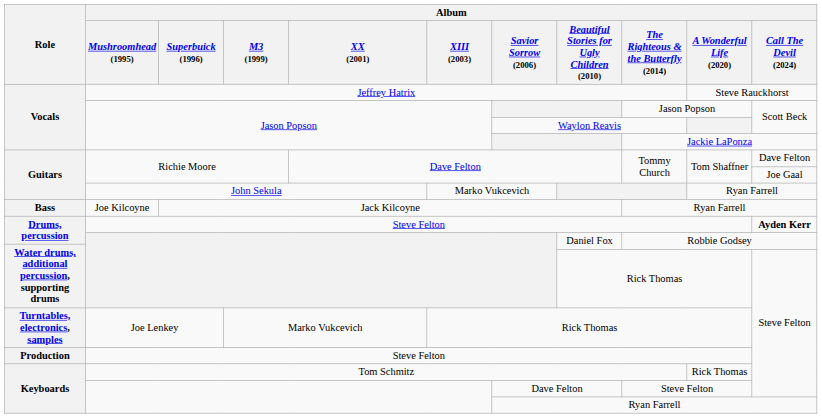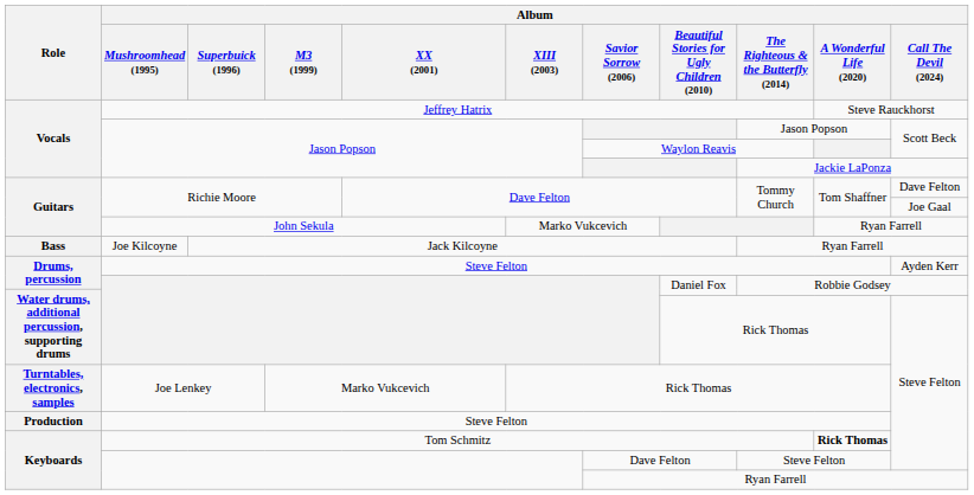 <table class="wikitable" style="text-align:center; width:99%;">
 <tr>
 <th rowspan="2" style="width:10%;">Role</th>
 <th colspan="10" style="text-align:center;">Album</th>
 </tr>
 <tr>
 <th style="text-align:center; width:8%;"><em><a href='#'>Mushroomhead</a></em><br><small>(1995)</small></th>
 <th style="text-align:center; width:8%;"><em><a href='#'>Superbuick</a></em><br><small>(1996)</small></th>
 <th style="text-align:center; width:8%;"><em><a href='#'>M3</a></em><br><small>(1999)</small></th>
 <th><em><a href='#'>XX</a></em><br><small>(2001)</small></th>
 <th style="text-align:center; width:8%;"><em><a href='#'>XIII</a></em><br><small>(2003)</small></th>
 <th style="text-align:center; width:8%;"><em><a href='#'>Savior Sorrow</a></em><br><small>(2006)</small></th>
 <th style="text-align:center; width:8%;"><em><a href='#'>Beautiful Stories for Ugly Children</a></em><br><small>(2010)</small></th>
 <th style="text-align:center; width:8%;"><em><a href='#'>The Righteous & the Butterfly</a></em><br><small>(2014)</small></th>
 <th style="text-align:center; width:8%;"><em><a href='#'>A Wonderful Life</a></em><br><small>(2020)</small></th>
 <th style="text-align:center; width:8%;"><em><a href='#'>Call The Devil</a></em><br><small>(2024)</small></th>
 </tr>
 <tr>
 <th rowspan="4">Vocals</th>
 <td colspan="8"><a href='#'>Jeffrey Hatrix</a></td>
 <td colspan="2">Steve Rauckhorst</td>
 </tr>
 <tr>
 <td colspan="5" rowspan="3"><a href='#'>Jason Popson</a></td>
 <th colspan="2"></th>
 <td colspan="2">Jason Popson</td>
 <td rowspan="2">Scott Beck</td>
 </tr>
 <tr>
 <td colspan="3"><a href='#'>Waylon Reavis</a></td>
 <th></th>
 </tr>
 <tr>
 <th colspan="2"></th>
 <td colspan="3"><a href='#'>Jackie LaPonza</a></td>
 </tr>
 <tr>
 <th rowspan="3">Guitars</th>
 <td colspan="3" rowspan="2">Richie Moore</td>
 <td colspan="4" rowspan="2"><a href='#'>Dave Felton</a></td>
 <td rowspan="2">Tommy Church</td>
 <td rowspan="2">Tom Shaffner</td>
 <td>Dave Felton</td>
 </tr>
 <tr>
 <td>Joe Gaal</td>
 </tr>
 <tr>
 <td colspan="4"><a href='#'>John Sekula</a></td>
 <td colspan="2">Marko Vukcevich</td>
 <th colspan="2"></th>
 <td colspan="2">Ryan Farrell</td>
 </tr>
 <tr>
 <th>Bass</th>
 <td>Joe Kilcoyne</td>
 <td colspan="6">Jack Kilcoyne</td>
 <td colspan="3">Ryan Farrell</td>
 </tr>
 <tr>
 <th rowspan="2"><a href='#'>Drums, percussion</a></th>
 <td colspan="9"><a href='#'>Steve Felton</a></td>
-<td><strong>Ayden Kerr</strong></td>
+<td>Ayden Kerr</td>
 </tr>
 <tr>
 <th colspan="6" rowspan="3"></th>
 <td rowspan="2">Daniel Fox</td>
 <td colspan="3" rowspan="2">Robbie Godsey</td>
 </tr>
 <tr>
 <th rowspan="2"><a href='#'>Water drums, additional percussion</a>, supporting drums</th>
 </tr>
 <tr>
 <td colspan="3">Rick Thomas</td>
 <td rowspan="6">Steve Felton</td>
 </tr>
 <tr>
 <th><a href='#'>Turntables, electronics</a>, <a href='#'>samples</a></th>
 <td colspan="2" rowspan="2">Joe Lenkey</td>
 <td colspan="2" rowspan="2">Marko Vukcevich</td>
 <td colspan="5" rowspan="2">Rick Thomas</td>
 </tr>
 <tr>
 <th rowspan="2">Production</th>
 </tr>
 <tr>
 <td colspan="9">Steve Felton</td>
 </tr>
 <tr>
 <th rowspan="3">Keyboards</th>
 <td colspan="8">Tom Schmitz</td>
-<td>Rick Thomas</td>
+<td><strong>Rick Thomas</strong></td>
 </tr>
 <tr>
 <td colspan="5" rowspan="2"></td>
 <td colspan="2">Dave Felton</td>
 <td colspan="2">Steve Felton</td>
 </tr>
 <tr>
 <td colspan="5">Ryan Farrell</td>
 </tr>
 </table>
